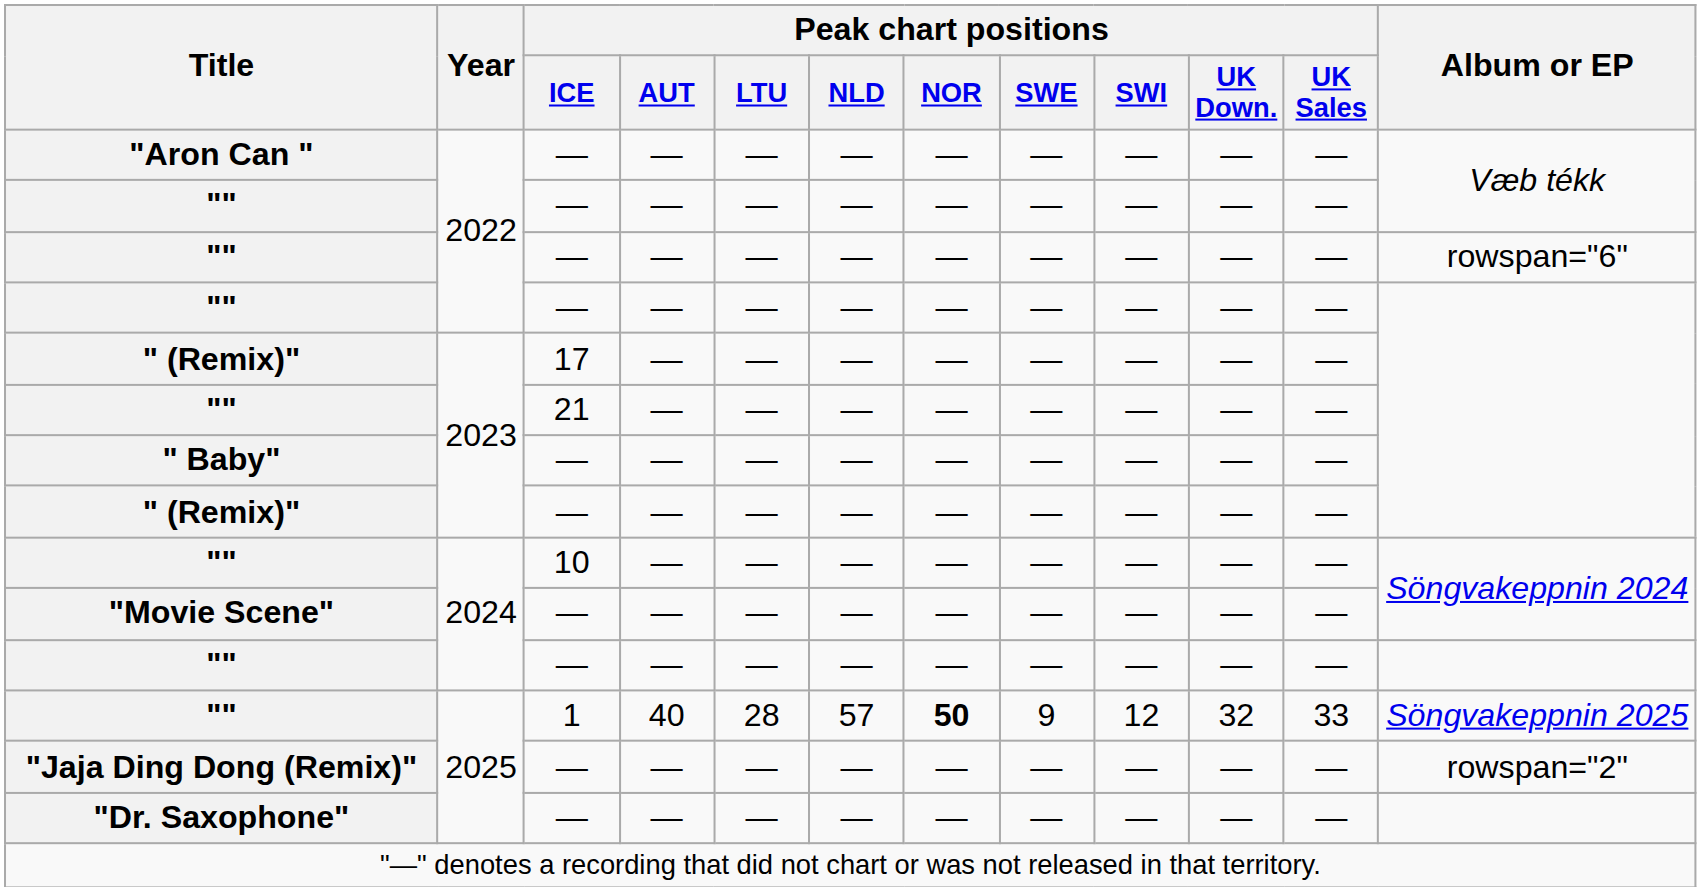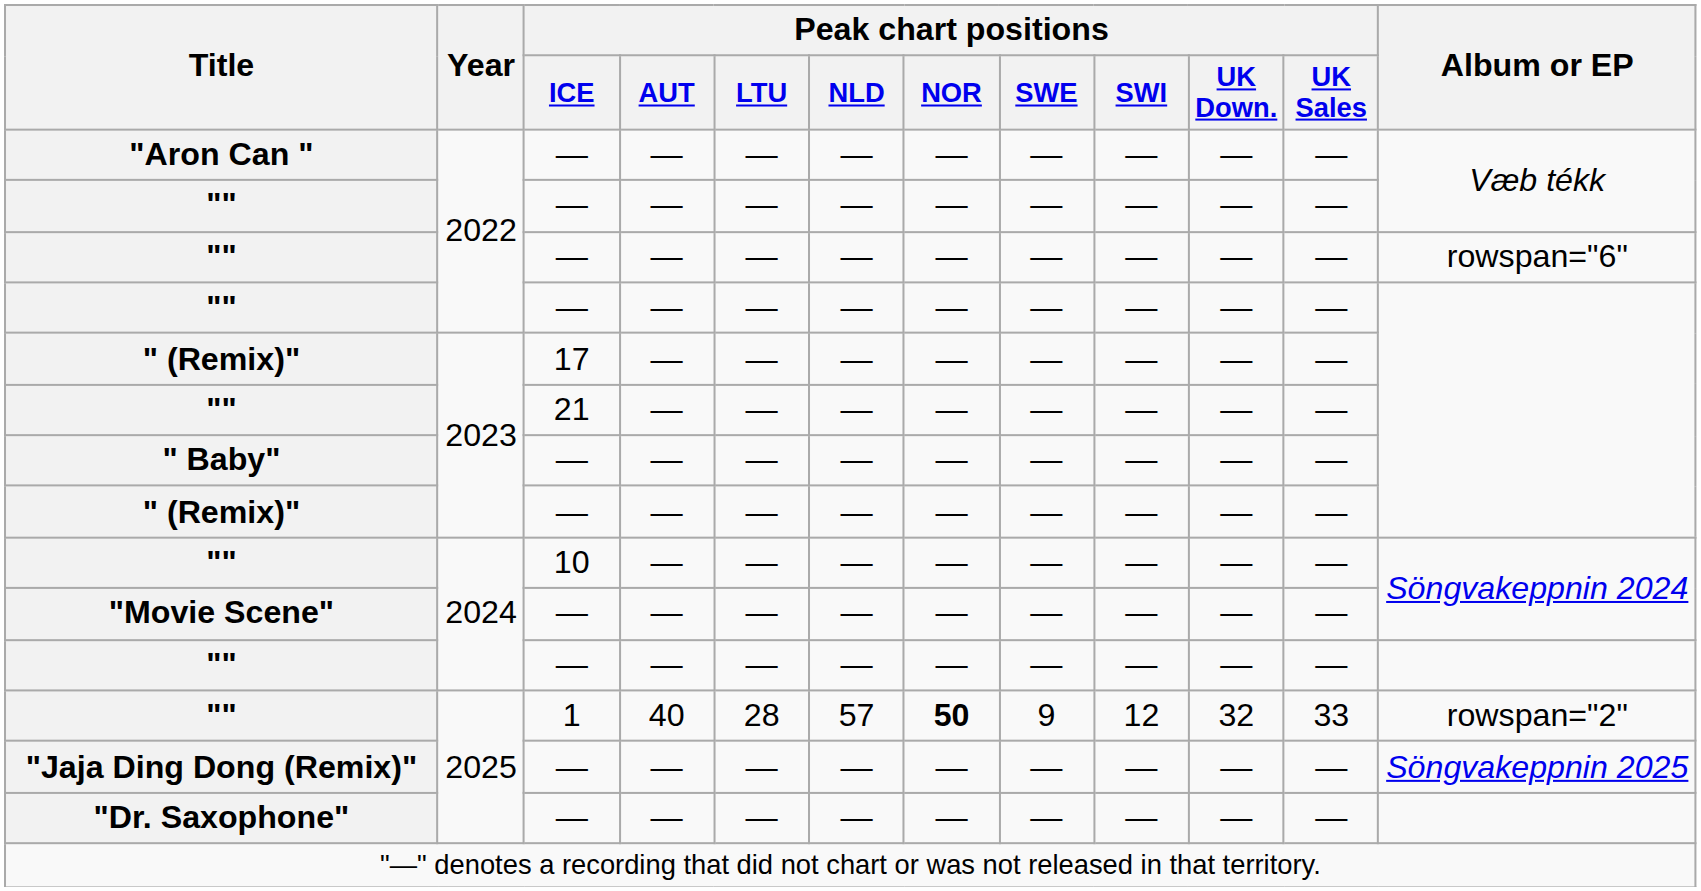 <table class="wikitable plainrowheaders" style="text-align:center;">
 <tr>
 <th scope="col" rowspan="2" style="width:13em;">Title</th>
 <th scope="col" rowspan="2">Year</th>
 <th scope="col" colspan="9">Peak chart positions</th>
 <th scope="col" rowspan="2">Album or EP</th>
 </tr>
 <tr>
 <th scope="col" style="width:3em;font-size:85%;"><a href='#'>ICE</a><br></th>
 <th scope="col" style="width:3em;font-size:85%;"><a href='#'>AUT</a><br></th>
 <th scope="col" style="width:3em;font-size:85%;"><a href='#'>LTU</a><br></th>
 <th scope="col" style="width:3em;font-size:85%;"><a href='#'>NLD</a><br></th>
 <th scope="col" style="width:3em;font-size:85%;"><a href='#'>NOR</a><br></th>
 <th scope="col" style="width:3em;font-size:85%;"><a href='#'>SWE</a><br></th>
 <th scope="col" style="width:3em;font-size:85%;"><a href='#'>SWI</a><br></th>
 <th scope="col" style="width:3em;font-size:85%;"><a href='#'>UK<br>Down.</a><br></th>
 <th scope="col" style="width:3em;font-size:85%;"><a href='#'>UK<br>Sales</a><br></th>
 </tr>
 <tr>
 <th scope="row">"Aron Can "</th>
 <td rowspan="4">2022</td>
 <td>—</td>
 <td>—</td>
 <td>—</td>
 <td>—</td>
 <td>—</td>
 <td>—</td>
 <td>—</td>
 <td>—</td>
 <td>—</td>
 <td rowspan="2"><em>Væb tékk</em></td>
 </tr>
 <tr>
 <th scope="row">""</th>
 <td>—</td>
 <td>—</td>
 <td>—</td>
 <td>—</td>
 <td>—</td>
 <td>—</td>
 <td>—</td>
 <td>—</td>
 <td>—</td>
 </tr>
 <tr>
 <th scope="row">""<br></th>
 <td>—</td>
 <td>—</td>
 <td>—</td>
 <td>—</td>
 <td>—</td>
 <td>—</td>
 <td>—</td>
 <td>—</td>
 <td>—</td>
 <td>rowspan="6" </td>
 </tr>
 <tr>
 <th scope="row">""<br></th>
 <td>—</td>
 <td>—</td>
 <td>—</td>
 <td>—</td>
 <td>—</td>
 <td>—</td>
 <td>—</td>
 <td>—</td>
 <td>—</td>
 </tr>
 <tr>
 <th scope="row">" (Remix)"<br></th>
 <td rowspan="4">2023</td>
 <td>17</td>
 <td>—</td>
 <td>—</td>
 <td>—</td>
 <td>—</td>
 <td>—</td>
 <td>—</td>
 <td>—</td>
 <td>—</td>
 </tr>
 <tr>
 <th scope="row">""<br></th>
 <td>21</td>
 <td>—</td>
 <td>—</td>
 <td>—</td>
 <td>—</td>
 <td>—</td>
 <td>—</td>
 <td>—</td>
 <td>—</td>
 </tr>
 <tr>
 <th scope="row">" Baby"<br></th>
 <td>—</td>
 <td>—</td>
 <td>—</td>
 <td>—</td>
 <td>—</td>
 <td>—</td>
 <td>—</td>
 <td>—</td>
 <td>—</td>
 </tr>
 <tr>
 <th scope="row">" (Remix)"</th>
 <td>—</td>
 <td>—</td>
 <td>—</td>
 <td>—</td>
 <td>—</td>
 <td>—</td>
 <td>—</td>
 <td>—</td>
 <td>—</td>
 </tr>
 <tr>
 <th scope="row">""</th>
 <td rowspan="3">2024</td>
 <td>10</td>
 <td>—</td>
 <td>—</td>
 <td>—</td>
 <td>—</td>
 <td>—</td>
 <td>—</td>
 <td>—</td>
 <td>—</td>
 <td rowspan="2"><em><a href='#'>Söngvakeppnin 2024</a></em></td>
 </tr>
 <tr>
 <th scope="row">"Movie Scene"</th>
 <td>—</td>
 <td>—</td>
 <td>—</td>
 <td>—</td>
 <td>—</td>
 <td>—</td>
 <td>—</td>
 <td>—</td>
 <td>—</td>
 </tr>
 <tr>
 <th scope="row">""</th>
 <td>—</td>
 <td>—</td>
 <td>—</td>
 <td>—</td>
 <td>—</td>
 <td>—</td>
 <td>—</td>
 <td>—</td>
 <td>—</td>
 <td></td>
 </tr>
 <tr>
 <th scope="row">""</th>
 <td rowspan="3">2025</td>
 <td>1</td>
 <td>40</td>
 <td>28</td>
 <td>57</td>
 <td><strong>50</strong></td>
 <td>9</td>
 <td>12</td>
 <td>32</td>
 <td>33</td>
-<td><em><a href='#'>Söngvakeppnin 2025</a></em></td>
+<td>rowspan="2" </td>
 </tr>
 <tr>
 <th scope="row">"Jaja Ding Dong (Remix)"<br></th>
 <td>—</td>
 <td>—</td>
 <td>—</td>
 <td>—</td>
 <td>—</td>
 <td>—</td>
 <td>—</td>
 <td>—</td>
 <td>—</td>
-<td>rowspan="2" </td>
+<td><em><a href='#'>Söngvakeppnin 2025</a></em></td>
 </tr>
 <tr>
 <th scope="row">"Dr. Saxophone"</th>
 <td>—</td>
 <td>—</td>
 <td>—</td>
 <td>—</td>
 <td>—</td>
 <td>—</td>
 <td>—</td>
 <td>—</td>
 <td>—</td>
 </tr>
 <tr>
 <td colspan="12" style="font-size:85%">"—" denotes a recording that did not chart or was not released in that territory.</td>
 </tr>
 </table>
